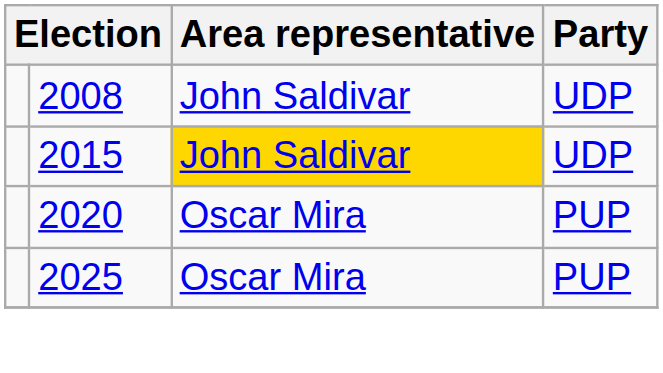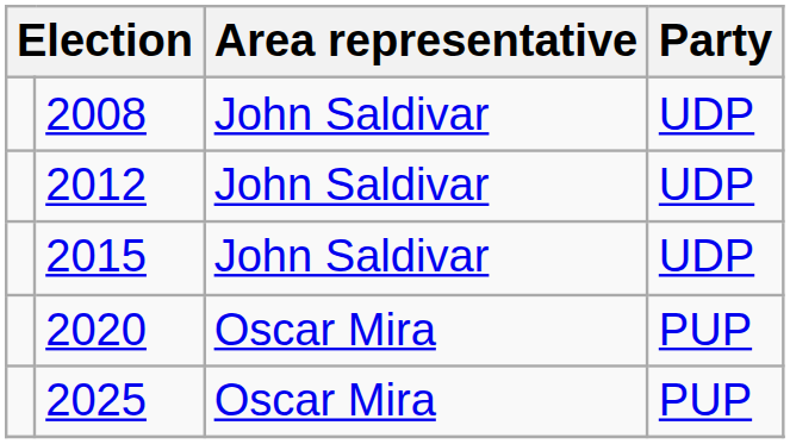 <table class="wikitable">
 <tr>
 <th colspan="2">Election</th>
 <th>Area representative</th>
 <th>Party</th>
 </tr>
 <tr>
 <td style="background-color: "></td>
 <td><a href='#'>2008</a></td>
 <td><a href='#'>John Saldivar</a></td>
 <td><a href='#'>UDP</a></td>
 </tr>
 <tr>
 <td style="background-color: "></td>
+<td><a href='#'>2012</a></td>
+<td><a href='#'>John Saldivar</a></td>
+<td><a href='#'>UDP</a></td>
+</tr>
+<tr>
+<td style="background-color: "></td>
 <td><a href='#'>2015</a></td>
-<td style="background: gold;"><a href='#'>John Saldivar</a></td>
+<td><a href='#'>John Saldivar</a></td>
 <td><a href='#'>UDP</a></td>
 </tr>
 <tr>
 <td style="background-color: "></td>
 <td><a href='#'>2020</a></td>
 <td><a href='#'>Oscar Mira</a></td>
 <td><a href='#'>PUP</a></td>
 </tr>
 <tr>
 <td style="background-color: "></td>
 <td><a href='#'>2025</a></td>
 <td><a href='#'>Oscar Mira</a></td>
 <td><a href='#'>PUP</a></td>
 </tr>
 <tr>
 </tr>
 </table>
